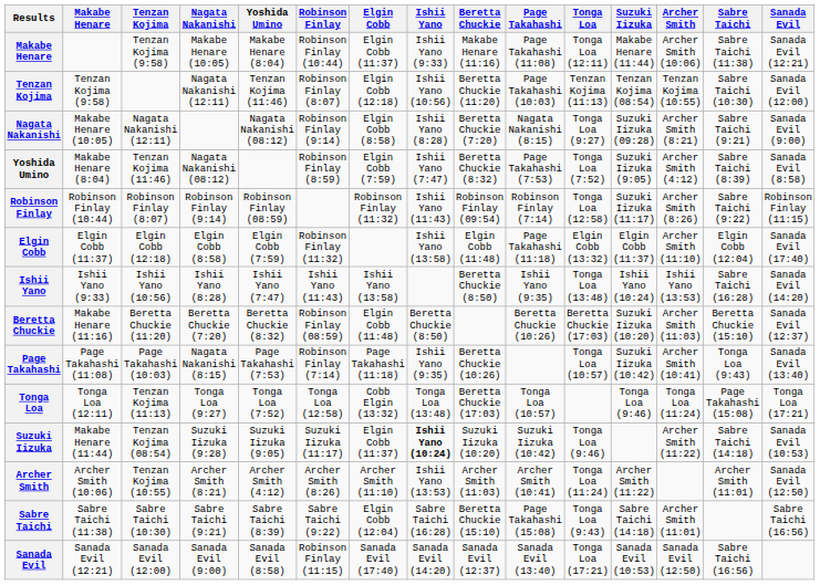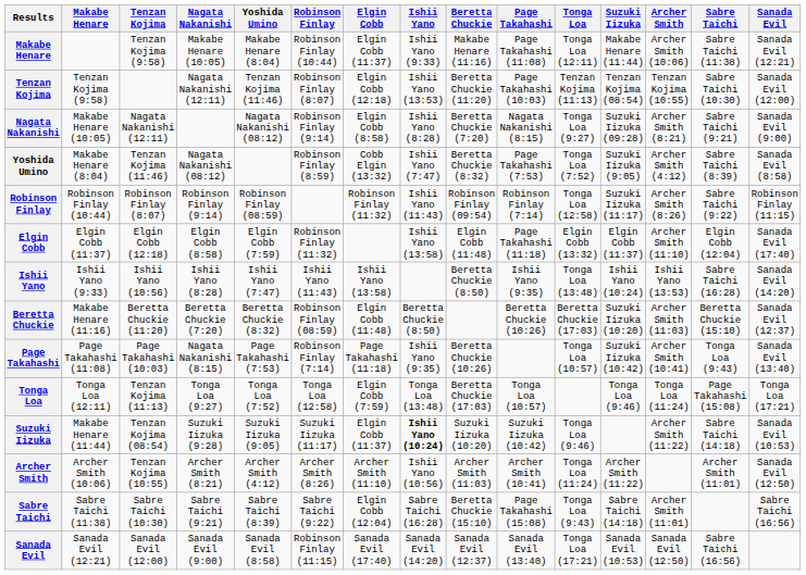 <table class="wikitable" style="margin: 1em auto 1em auto;text-align:center">
 <tr>
 <th>Results</th>
 <th><a href='#'>Makabe</a><br><a href='#'>Henare</a></th>
 <th><a href='#'>Tenzan</a><br><a href='#'>Kojima</a></th>
 <th><a href='#'>Nagata</a><br><a href='#'>Nakanishi</a></th>
 <th>Yoshida<br><a href='#'>Umino</a></th>
 <th><a href='#'>Robinson</a><br><a href='#'>Finlay</a></th>
 <th><a href='#'>Elgin</a><br><a href='#'>Cobb</a></th>
 <th><a href='#'>Ishii</a><br><a href='#'>Yano</a></th>
 <th><a href='#'>Beretta</a><br><a href='#'>Chuckie</a></th>
 <th><a href='#'>Page</a><br><a href='#'>Takahashi</a></th>
 <th><a href='#'>Tonga</a><br><a href='#'>Loa</a></th>
 <th><a href='#'>Suzuki</a><br><a href='#'>Iizuka</a></th>
 <th><a href='#'>Archer</a><br><a href='#'>Smith</a></th>
 <th><a href='#'>Sabre</a><br><a href='#'>Taichi</a></th>
 <th><a href='#'>Sanada</a><br><a href='#'>Evil</a></th>
 </tr>
 <tr>
 <th><a href='#'>Makabe</a><br><a href='#'>Henare</a></th>
 <td></td>
 <td>Tenzan<br>Kojima<br>(9:58)</td>
 <td>Makabe<br>Henare<br>(10:05)</td>
 <td>Makabe<br>Henare<br>(8:04)</td>
 <td>Robinson<br>Finlay<br>(10:44)</td>
 <td>Elgin<br>Cobb<br>(11:37)</td>
 <td>Ishii<br>Yano<br>(9:33)</td>
 <td>Makabe<br>Henare<br>(11:16)</td>
 <td>Page<br>Takahashi<br>(11:08)</td>
 <td>Tonga<br>Loa<br>(12:11)</td>
 <td>Makabe<br>Henare<br>(11:44)</td>
 <td>Archer<br>Smith<br>(10:06)</td>
 <td>Sabre<br>Taichi<br>(11:38)</td>
 <td>Sanada<br>Evil<br>(12:21)</td>
 </tr>
 <tr>
 <th><a href='#'>Tenzan</a><br><a href='#'>Kojima</a></th>
 <td>Tenzan<br>Kojima<br>(9:58)</td>
 <td></td>
 <td>Nagata<br>Nakanishi<br>(12:11)</td>
 <td>Tenzan<br>Kojima<br>(11:46)</td>
 <td>Robinson<br>Finlay<br>(8:07)</td>
 <td>Elgin<br>Cobb<br>(12:18)</td>
-<td>Ishii<br>Yano<br>(10:56)</td>
+<td>Ishii<br>Yano<br>(13:53)</td>
 <td>Beretta<br>Chuckie<br>(11:20)</td>
 <td>Page<br>Takahashi<br>(10:03)</td>
 <td>Tenzan<br>Kojima<br>(11:13)</td>
 <td>Tenzan<br>Kojima<br>(08:54)</td>
 <td>Tenzan<br>Kojima<br>(10:55)</td>
 <td>Sabre<br>Taichi<br>(10:30)</td>
 <td>Sanada<br>Evil<br>(12:00)</td>
 </tr>
 <tr>
 <th><a href='#'>Nagata</a><br><a href='#'>Nakanishi</a></th>
 <td>Makabe<br>Henare<br>(10:05)</td>
 <td>Nagata<br>Nakanishi<br>(12:11)</td>
 <td></td>
 <td>Nagata<br>Nakanishi<br>(08:12)</td>
 <td>Robinson<br>Finlay<br>(9:14)</td>
 <td>Elgin<br>Cobb<br>(8:58)</td>
 <td>Ishii<br>Yano<br>(8:28)</td>
 <td>Beretta<br>Chuckie<br>(7:20)</td>
 <td>Nagata<br>Nakanishi<br>(8:15)</td>
 <td>Tonga<br>Loa<br>(9:27)</td>
 <td>Suzuki<br>Iizuka<br>(09:28)</td>
 <td>Archer<br>Smith<br>(8:21)</td>
 <td>Sabre<br>Taichi<br>(9:21)</td>
 <td>Sanada<br>Evil<br>(9:00)</td>
 </tr>
 <tr>
 <th>Yoshida<br>Umino</th>
 <td>Makabe<br>Henare<br>(8:04)</td>
 <td>Tenzan<br>Kojima<br>(11:46)</td>
 <td>Nagata<br>Nakanishi<br>(08:12)</td>
 <td></td>
 <td>Robinson<br>Finlay<br>(8:59)</td>
-<td>Elgin<br>Cobb<br>(7:59)</td>
+<td>Cobb<br>Elgin<br>(13:32)</td>
 <td>Ishii<br>Yano<br>(7:47)</td>
 <td>Beretta<br>Chuckie<br>(8:32)</td>
 <td>Page<br>Takahashi<br>(7:53)</td>
 <td>Tonga<br>Loa<br>(7:52)</td>
 <td>Suzuki<br>Iizuka<br>(9:05)</td>
 <td>Archer<br>Smith<br>(4:12)</td>
 <td>Sabre<br>Taichi<br>(8:39)</td>
 <td>Sanada<br>Evil<br>(8:58)</td>
 </tr>
 <tr>
 <th><a href='#'>Robinson</a><br><a href='#'>Finlay</a></th>
 <td>Robinson<br>Finlay<br>(10:44)</td>
 <td>Robinson<br>Finlay<br>(8:07)</td>
 <td>Robinson<br>Finlay<br>(9:14)</td>
 <td>Robinson<br>Finlay<br>(08:59)</td>
 <td></td>
 <td>Robinson<br>Finlay<br>(11:32)</td>
 <td>Ishii<br>Yano<br>(11:43)</td>
 <td>Robinson<br>Finlay<br>(09:54)</td>
 <td>Robinson<br>Finlay<br>(7:14)</td>
 <td>Tonga<br>Loa<br>(12:58)</td>
 <td>Suzuki<br>Iizuka<br>(11:17)</td>
 <td>Archer<br>Smith<br>(8:26)</td>
 <td>Sabre<br>Taichi<br>(9:22)</td>
 <td>Robinson<br>Finlay<br>(11:15)</td>
 </tr>
 <tr>
 <th><a href='#'>Elgin</a><br><a href='#'>Cobb</a></th>
 <td>Elgin<br>Cobb<br>(11:37)</td>
 <td>Elgin<br>Cobb<br>(12:18)</td>
 <td>Elgin<br>Cobb<br>(8:58)</td>
 <td>Elgin<br>Cobb<br>(7:59)</td>
 <td>Robinson<br>Finlay<br>(11:32)</td>
 <td></td>
 <td>Ishii<br>Yano<br>(13:58)</td>
 <td>Elgin<br>Cobb<br>(11:48)</td>
 <td>Page<br>Takahashi<br>(11:18)</td>
 <td>Elgin<br>Cobb<br>(13:32)</td>
 <td>Elgin<br>Cobb<br>(11:37)</td>
 <td>Archer<br>Smith<br>(11:10)</td>
 <td>Elgin<br>Cobb<br>(12:04)</td>
 <td>Sanada<br>Evil<br>(17:40)</td>
 </tr>
 <tr>
 <th><a href='#'>Ishii</a><br><a href='#'>Yano</a></th>
 <td>Ishii<br>Yano<br>(9:33)</td>
 <td>Ishii<br>Yano<br>(10:56)</td>
 <td>Ishii<br>Yano<br>(8:28)</td>
 <td>Ishii<br>Yano<br>(7:47)</td>
 <td>Ishii<br>Yano<br>(11:43)</td>
 <td>Ishii<br>Yano<br>(13:58)</td>
 <td></td>
 <td>Beretta<br>Chuckie<br>(8:50)</td>
 <td>Ishii<br>Yano<br>(9:35)</td>
 <td>Tonga<br>Loa<br>(13:48)</td>
 <td>Ishii<br>Yano<br>(10:24)</td>
 <td>Ishii<br>Yano<br>(13:53)</td>
 <td>Sabre<br>Taichi<br>(16:28)</td>
 <td>Sanada<br>Evil<br>(14:20)</td>
 </tr>
 <tr>
 <th><a href='#'>Beretta</a><br><a href='#'>Chuckie</a></th>
 <td>Makabe<br>Henare<br>(11:16)</td>
 <td>Beretta<br>Chuckie<br>(11:20)</td>
 <td>Beretta<br>Chuckie<br>(7:20)</td>
 <td>Beretta<br>Chuckie<br>(8:32)</td>
 <td>Robinson<br>Finlay<br>(08:59)</td>
 <td>Elgin<br>Cobb<br>(11:48)</td>
 <td>Beretta<br>Chuckie<br>(8:50)</td>
 <td></td>
 <td>Beretta<br>Chuckie<br>(10:26)</td>
 <td>Beretta<br>Chuckie<br>(17:03)</td>
 <td>Suzuki<br>Iizuka<br>(10:20)</td>
 <td>Archer<br>Smith<br>(11:03)</td>
 <td>Beretta<br>Chuckie<br>(15:10)</td>
 <td>Sanada<br>Evil<br>(12:37)</td>
 </tr>
 <tr>
 <th><a href='#'>Page</a><br><a href='#'>Takahashi</a></th>
 <td>Page<br>Takahashi<br>(11:08)</td>
 <td>Page<br>Takahashi<br>(10:03)</td>
 <td>Nagata<br>Nakanishi<br>(8:15)</td>
 <td>Page<br>Takahashi<br>(7:53)</td>
 <td>Robinson<br>Finlay<br>(7:14)</td>
 <td>Page<br>Takahashi<br>(11:18)</td>
 <td>Ishii<br>Yano<br>(9:35)</td>
 <td>Beretta<br>Chuckie<br>(10:26)</td>
 <td></td>
 <td>Tonga<br>Loa<br>(10:57)</td>
 <td>Suzuki<br>Iizuka<br>(10:42)</td>
 <td>Archer<br>Smith<br>(10:41)</td>
 <td>Tonga<br>Loa<br>(9:43)</td>
 <td>Sanada<br>Evil<br>(13:40)</td>
 </tr>
 <tr>
 <th><a href='#'>Tonga</a><br><a href='#'>Loa</a></th>
 <td>Tonga<br>Loa<br>(12:11)</td>
 <td>Tenzan<br>Kojima<br>(11:13)</td>
 <td>Tonga<br>Loa<br>(9:27)</td>
 <td>Tonga<br>Loa<br>(7:52)</td>
 <td>Tonga<br>Loa<br>(12:58)</td>
-<td>Cobb<br>Elgin<br>(13:32)</td>
+<td>Elgin<br>Cobb<br>(7:59)</td>
 <td>Tonga<br>Loa<br>(13:48)</td>
 <td>Beretta<br>Chuckie<br>(17:03)</td>
 <td>Tonga<br>Loa<br>(10:57)</td>
 <td></td>
 <td>Tonga<br>Loa<br>(9:46)</td>
 <td>Tonga<br>Loa<br>(11:24)</td>
 <td>Page<br>Takahashi<br>(15:08)</td>
 <td>Tonga<br>Loa<br>(17:21)</td>
 </tr>
 <tr>
 <th><a href='#'>Suzuki</a><br><a href='#'>Iizuka</a></th>
 <td>Makabe<br>Henare<br>(11:44)</td>
 <td>Tenzan<br>Kojima<br>(08:54)</td>
 <td>Suzuki<br>Iizuka<br>(9:28)</td>
 <td>Suzuki<br>Iizuka<br>(9:05)</td>
 <td>Suzuki<br>Iizuka<br>(11:17)</td>
 <td>Elgin<br>Cobb<br>(11:37)</td>
 <td><strong>Ishii<br>Yano<br>(10:24)</strong></td>
 <td>Suzuki<br>Iizuka<br>(10:20)</td>
 <td>Suzuki<br>Iizuka<br>(10:42)</td>
 <td>Tonga<br>Loa<br>(9:46)</td>
 <td></td>
 <td>Archer<br>Smith<br>(11:22)</td>
 <td>Sabre<br>Taichi<br>(14:18)</td>
 <td>Sanada<br>Evil<br>(10:53)</td>
 </tr>
 <tr>
 <th><a href='#'>Archer</a><br><a href='#'>Smith</a></th>
 <td>Archer<br>Smith<br>(10:06)</td>
 <td>Tenzan<br>Kojima<br>(10:55)</td>
 <td>Archer<br>Smith<br>(8:21)</td>
 <td>Archer<br>Smith<br>(4:12)</td>
 <td>Archer<br>Smith<br>(8:26)</td>
 <td>Archer<br>Smith<br>(11:10)</td>
-<td>Ishii<br>Yano<br>(13:53)</td>
+<td>Ishii<br>Yano<br>(10:56)</td>
 <td>Archer<br>Smith<br>(11:03)</td>
 <td>Archer<br>Smith<br>(10:41)</td>
 <td>Tonga<br>Loa<br>(11:24)</td>
 <td>Archer<br>Smith<br>(11:22)</td>
 <td></td>
 <td>Archer<br>Smith<br>(11:01)</td>
 <td>Sanada<br>Evil<br>(12:50)</td>
 </tr>
 <tr>
 <th><a href='#'>Sabre</a><br><a href='#'>Taichi</a></th>
 <td>Sabre<br>Taichi<br>(11:38)</td>
 <td>Sabre<br>Taichi<br>(10:30)</td>
 <td>Sabre<br>Taichi<br>(9:21)</td>
 <td>Sabre<br>Taichi<br>(8:39)</td>
 <td>Sabre<br>Taichi<br>(9:22)</td>
 <td>Elgin<br>Cobb<br>(12:04)</td>
 <td>Sabre<br>Taichi<br>(16:28)</td>
 <td>Beretta<br>Chuckie<br>(15:10)</td>
 <td>Page<br>Takahashi<br>(15:08)</td>
 <td>Tonga<br>Loa<br>(9:43)</td>
 <td>Sabre<br>Taichi<br>(14:18)</td>
 <td>Archer<br>Smith<br>(11:01)</td>
 <td></td>
 <td>Sabre<br>Taichi<br>(16:56)</td>
 </tr>
 <tr>
 <th><a href='#'>Sanada</a><br><a href='#'>Evil</a></th>
 <td>Sanada<br>Evil<br>(12:21)</td>
 <td>Sanada<br>Evil<br>(12:00)</td>
 <td>Sanada<br>Evil<br>(9:00)</td>
 <td>Sanada<br>Evil<br>(8:58)</td>
 <td>Robinson<br>Finlay<br>(11:15)</td>
 <td>Sanada<br>Evil<br>(17:40)</td>
 <td>Sanada<br>Evil<br>(14:20)</td>
 <td>Sanada<br>Evil<br>(12:37)</td>
 <td>Sanada<br>Evil<br>(13:40)</td>
 <td>Tonga<br>Loa<br>(17:21)</td>
 <td>Sanada<br>Evil<br>(10:53)</td>
 <td>Sanada<br>Evil<br>(12:50)</td>
 <td>Sabre<br>Taichi<br>(16:56)</td>
 <td></td>
 </tr>
 </table>
